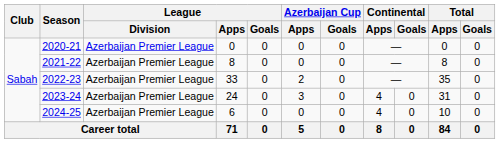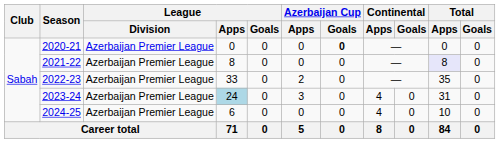 <table class="wikitable" style="text-align: center;">
 <tr>
 <th rowspan="2">Club</th>
 <th rowspan="2">Season</th>
 <th colspan="3">League</th>
 <th colspan="2"><a href='#'>Azerbaijan Cup</a></th>
 <th colspan="2">Continental</th>
 <th colspan="2">Total</th>
 </tr>
 <tr>
 <th>Division</th>
 <th>Apps</th>
 <th>Goals</th>
 <th>Apps</th>
 <th>Goals</th>
 <th>Apps</th>
 <th>Goals</th>
 <th>Apps</th>
 <th>Goals</th>
 </tr>
 <tr>
 <td rowspan="5"><a href='#'>Sabah</a></td>
 <td><a href='#'>2020-21</a></td>
 <td><a href='#'>Azerbaijan Premier League</a></td>
 <td>0</td>
 <td>0</td>
 <td>0</td>
-<td>0</td>
+<td><strong>0</strong></td>
 <td colspan="2">—</td>
 <td>0</td>
 <td>0</td>
 </tr>
 <tr>
 <td><a href='#'>2021-22</a></td>
 <td>Azerbaijan Premier League</td>
 <td>8</td>
 <td>0</td>
 <td>0</td>
 <td>0</td>
 <td colspan="2">—</td>
-<td>8</td>
+<td style="background: lavender;">8</td>
 <td>0</td>
 </tr>
 <tr>
 <td><a href='#'>2022-23</a></td>
 <td>Azerbaijan Premier League</td>
 <td>33</td>
 <td>0</td>
 <td>2</td>
 <td>0</td>
 <td colspan="2">—</td>
 <td>35</td>
 <td>0</td>
 </tr>
 <tr>
 <td><a href='#'>2023-24</a></td>
 <td>Azerbaijan Premier League</td>
-<td>24</td>
+<td style="background: lightblue;">24</td>
 <td>0</td>
 <td>3</td>
 <td>0</td>
 <td>4</td>
 <td>0</td>
 <td>31</td>
 <td>0</td>
 </tr>
 <tr>
 <td><a href='#'>2024-25</a></td>
 <td>Azerbaijan Premier League</td>
 <td>6</td>
 <td>0</td>
 <td>0</td>
 <td>0</td>
 <td>4</td>
 <td>0</td>
 <td>10</td>
 <td>0</td>
 </tr>
 <tr>
 <th colspan="3">Career total</th>
 <th>71</th>
 <th>0</th>
 <th>5</th>
 <th>0</th>
 <th>8</th>
 <th>0</th>
 <th>84</th>
 <th>0</th>
 </tr>
 </table>
